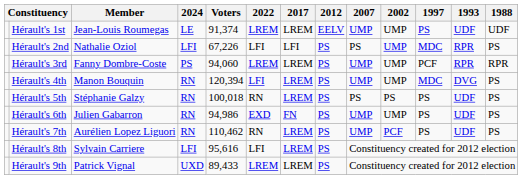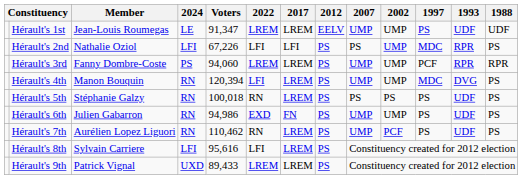 <table class="wikitable sortable">
 <tr>
 <th colspan="2">Constituency</th>
 <th>Member</th>
 <th>2024</th>
 <th>Voters</th>
 <th>2022</th>
 <th>2017</th>
 <th>2012</th>
 <th>2007</th>
 <th>2002</th>
 <th>1997</th>
 <th>1993</th>
 <th>1988</th>
 </tr>
 <tr>
 <td style="background-color: "></td>
 <td><a href='#'>Hérault's 1st</a></td>
 <td><a href='#'>Jean-Louis Roumegas</a></td>
 <td><a href='#'>LE</a></td>
-<td>91,374</td>
+<td>91,347</td>
 <td><a href='#'>LREM</a></td>
 <td>LREM</td>
 <td bgcolor=><a href='#'>EELV</a></td>
 <td bgcolor=><a href='#'>UMP</a></td>
 <td bgcolor=>UMP</td>
 <td bgcolor=><a href='#'>PS</a></td>
 <td bgcolor=><a href='#'>UDF</a></td>
 <td bgcolor=>UDF</td>
 </tr>
 <tr>
 <td style="background-color: "></td>
 <td><a href='#'>Hérault's 2nd</a></td>
 <td><a href='#'>Nathalie Oziol</a></td>
 <td><a href='#'>LFI</a></td>
 <td>67,226</td>
 <td>LFI</td>
 <td>LFI</td>
 <td bgcolor=><a href='#'>PS</a></td>
 <td bgcolor=>PS</td>
 <td bgcolor=><a href='#'>UMP</a></td>
 <td bgcolor=><a href='#'>MDC</a></td>
 <td bgcolor=><a href='#'>RPR</a></td>
 <td bgcolor=>PS</td>
 </tr>
 <tr>
 <td style="background-color: "></td>
 <td><a href='#'>Hérault's 3rd</a></td>
 <td><a href='#'>Fanny Dombre-Coste</a></td>
 <td bgcolor=><a href='#'>PS</a></td>
 <td>94,060</td>
 <td><a href='#'>LREM</a></td>
 <td>LREM</td>
 <td bgcolor=><a href='#'>PS</a></td>
 <td bgcolor=><a href='#'>UMP</a></td>
 <td bgcolor=>UMP</td>
 <td bgcolor=>PCF</td>
 <td bgcolor=><a href='#'>RPR</a></td>
 <td bgcolor=>RPR</td>
 </tr>
 <tr>
 <td style="background-color: "></td>
 <td><a href='#'>Hérault's 4th</a></td>
 <td><a href='#'>Manon Bouquin</a></td>
 <td><a href='#'>RN</a></td>
 <td>120,394</td>
 <td><a href='#'>LFI</a></td>
 <td><a href='#'>LREM</a></td>
 <td bgcolor=><a href='#'>PS</a></td>
 <td bgcolor=><a href='#'>UMP</a></td>
 <td bgcolor=>UMP</td>
 <td bgcolor=><a href='#'>MDC</a></td>
 <td bgcolor=><a href='#'>DVG</a></td>
 <td bgcolor=>PS</td>
 </tr>
 <tr>
 <td style="background-color: "></td>
 <td><a href='#'>Hérault's 5th</a></td>
 <td><a href='#'>Stéphanie Galzy</a></td>
 <td><a href='#'>RN</a></td>
 <td>100,018</td>
 <td>RN</td>
 <td><a href='#'>LREM</a></td>
 <td bgcolor=><a href='#'>PS</a></td>
 <td bgcolor=>PS</td>
 <td bgcolor=>PS</td>
 <td bgcolor=>PS</td>
 <td bgcolor=><a href='#'>UDF</a></td>
 <td bgcolor=>PS</td>
 </tr>
 <tr>
 <td style="background-color: "></td>
 <td><a href='#'>Hérault's 6th</a></td>
 <td><a href='#'>Julien Gabarron</a></td>
 <td><a href='#'>RN</a></td>
 <td>94,986</td>
 <td><a href='#'>EXD</a></td>
 <td><a href='#'>FN</a></td>
 <td bgcolor=><a href='#'>PS</a></td>
 <td bgcolor=><a href='#'>UMP</a></td>
 <td bgcolor=>UMP</td>
 <td bgcolor=>PS</td>
 <td bgcolor=><a href='#'>UDF</a></td>
 <td bgcolor=>PS</td>
 </tr>
 <tr>
 <td style="background-color: "></td>
 <td><a href='#'>Hérault's 7th</a></td>
 <td><a href='#'>Aurélien Lopez Liguori</a></td>
 <td><a href='#'>RN</a></td>
 <td>110,462</td>
 <td>RN</td>
 <td><a href='#'>LREM</a></td>
 <td bgcolor=><a href='#'>PS</a></td>
 <td bgcolor=><a href='#'>UMP</a></td>
 <td bgcolor=><a href='#'>PCF</a></td>
 <td bgcolor=>PS</td>
 <td bgcolor=><a href='#'>UDF</a></td>
 <td bgcolor=>PS</td>
 </tr>
 <tr>
 <td style="background-color: "></td>
 <td><a href='#'>Hérault's 8th</a></td>
 <td><a href='#'>Sylvain Carriere</a></td>
 <td><a href='#'>LFI</a></td>
 <td>95,616</td>
 <td>LFI</td>
 <td><a href='#'>LREM</a></td>
 <td bgcolor=><a href='#'>PS</a></td>
 <td colspan="5">Constituency created for 2012 election</td>
 </tr>
 <tr>
 <td style="background-color: "></td>
 <td><a href='#'>Hérault's 9th</a></td>
 <td><a href='#'>Patrick Vignal</a></td>
 <td><a href='#'>UXD</a></td>
 <td>89,433</td>
 <td><a href='#'>LREM</a></td>
 <td>LREM</td>
 <td bgcolor=><a href='#'>PS</a></td>
 <td colspan="5">Constituency created for 2012 election</td>
 </tr>
 </table>
